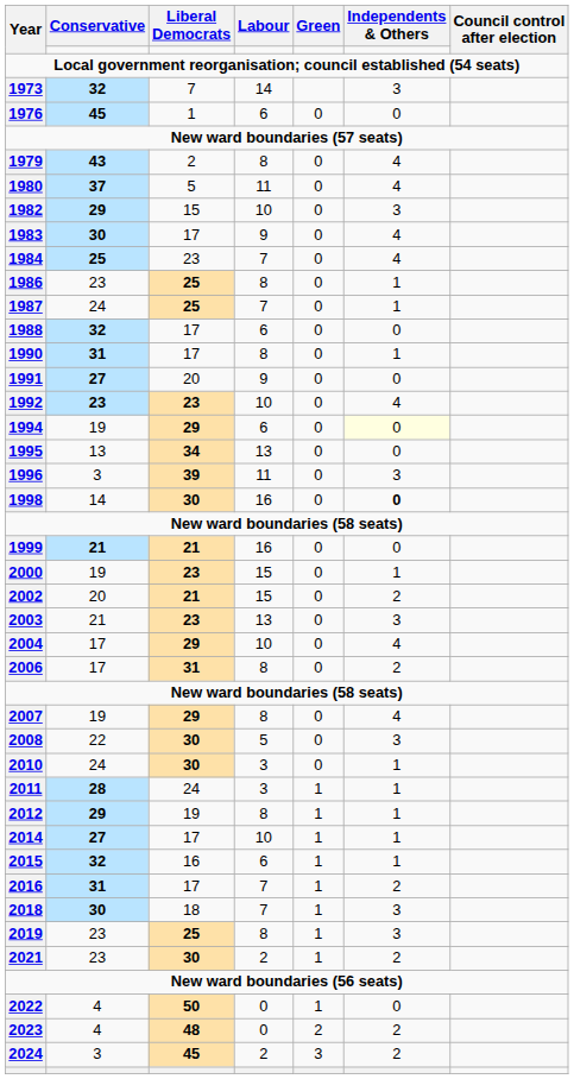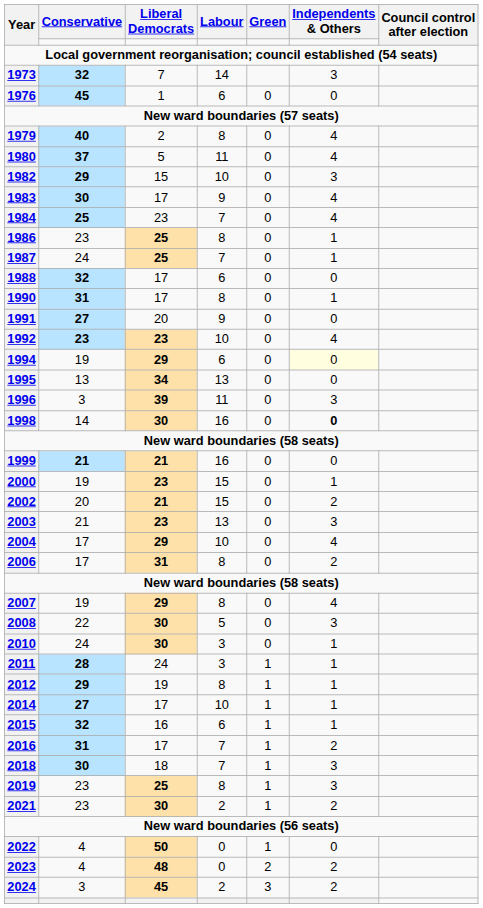 <table class="wikitable plainrowheaders" style="text-align:center">
 <tr>
 <th scope="col" rowspan="2">Year</th>
 <th scope="col"><a href='#'>Conservative</a></th>
 <th scope="col" style="width:1px"><a href='#'>Liberal Democrats</a></th>
 <th scope="col"><a href='#'>Labour</a></th>
 <th scope="col"><a href='#'>Green</a></th>
 <th scope="col"><a href='#'>Independents</a><br>& Others</th>
 <th scope="col" rowspan="2" colspan="2">Council control<br>after election</th>
 </tr>
 <tr>
 <td style="background:"></td>
 <td style="background:"></td>
 <td style="background:"></td>
 <td style="background:"></td>
 <td style="background:"></td>
 </tr>
 <tr>
 <td colspan="9"><strong>Local government reorganisation; council established (54 seats)</strong></td>
 </tr>
 <tr>
 <th scope="row"><a href='#'>1973</a></th>
 <td style="background:#B9E4FF;"><strong>32</strong></td>
 <td>7</td>
 <td>14</td>
 <td></td>
 <td>3</td>
 <td></td>
 </tr>
 <tr>
 <th scope="row"><a href='#'>1976</a></th>
 <td style="background:#B9E4FF;"><strong>45</strong></td>
 <td>1</td>
 <td>6</td>
 <td>0</td>
 <td>0</td>
 <td></td>
 </tr>
 <tr>
 <td colspan="9"><strong>New ward boundaries (57 seats)</strong></td>
 </tr>
 <tr>
 <th scope="row"><a href='#'>1979</a></th>
-<td style="background:#B9E4FF;"><strong>43</strong></td>
+<td style="background:#B9E4FF;"><strong>40</strong></td>
 <td>2</td>
 <td>8</td>
 <td>0</td>
 <td>4</td>
 <td></td>
 </tr>
 <tr>
 <th scope="row"><a href='#'>1980</a></th>
 <td style="background:#B9E4FF;"><strong>37</strong></td>
 <td>5</td>
 <td>11</td>
 <td>0</td>
 <td>4</td>
 <td></td>
 </tr>
 <tr>
 <th scope="row"><a href='#'>1982</a></th>
 <td style="background:#B9E4FF;"><strong>29</strong></td>
 <td>15</td>
 <td>10</td>
 <td>0</td>
 <td>3</td>
 <td></td>
 </tr>
 <tr>
 <th scope="row"><a href='#'>1983</a></th>
 <td style="background:#B9E4FF;"><strong>30</strong></td>
 <td>17</td>
 <td>9</td>
 <td>0</td>
 <td>4</td>
 <td></td>
 </tr>
 <tr>
 <th scope="row"><a href='#'>1984</a></th>
 <td style="background:#B9E4FF;"><strong>25</strong></td>
 <td>23</td>
 <td>7</td>
 <td>0</td>
 <td>4</td>
 <td></td>
 </tr>
 <tr>
 <th scope="row"><a href='#'>1986</a></th>
 <td>23</td>
 <td style="background:#FEE1A8"><strong>25</strong></td>
 <td>8</td>
 <td>0</td>
 <td>1</td>
 <td></td>
 </tr>
 <tr>
 <th scope="row"><a href='#'>1987</a></th>
 <td>24</td>
 <td style="background:#FEE1A8"><strong>25</strong></td>
 <td>7</td>
 <td>0</td>
 <td>1</td>
 <td></td>
 </tr>
 <tr>
 <th scope="row"><a href='#'>1988</a></th>
 <td style="background:#B9E4FF;"><strong>32</strong></td>
 <td>17</td>
 <td>6</td>
 <td>0</td>
 <td>0</td>
 <td></td>
 </tr>
 <tr>
 <th scope="row"><a href='#'>1990</a></th>
 <td style="background:#B9E4FF;"><strong>31</strong></td>
 <td>17</td>
 <td>8</td>
 <td>0</td>
 <td>1</td>
 <td></td>
 </tr>
 <tr>
 <th scope="row"><a href='#'>1991</a></th>
 <td style="background:#B9E4FF;"><strong>27</strong></td>
 <td>20</td>
 <td>9</td>
 <td>0</td>
 <td>0</td>
 <td></td>
 </tr>
 <tr>
 <th scope="row"><a href='#'>1992</a></th>
 <td style="background:#B9E4FF;"><strong>23</strong></td>
 <td style="background:#FEE1A8"><strong>23</strong></td>
 <td>10</td>
 <td>0</td>
 <td>4</td>
 <td></td>
 </tr>
 <tr>
 <th scope="row"><a href='#'>1994</a></th>
 <td>19</td>
 <td style="background:#FEE1A8"><strong>29</strong></td>
 <td>6</td>
 <td>0</td>
 <td style="background: lightyellow;">0</td>
 <td></td>
 </tr>
 <tr>
 <th scope="row"><a href='#'>1995</a></th>
 <td>13</td>
 <td style="background:#FEE1A8"><strong>34</strong></td>
 <td>13</td>
 <td>0</td>
 <td>0</td>
 <td></td>
 </tr>
 <tr>
 <th scope="row"><a href='#'>1996</a></th>
 <td>3</td>
 <td style="background:#FEE1A8"><strong>39</strong></td>
 <td>11</td>
 <td>0</td>
 <td>3</td>
 <td></td>
 </tr>
 <tr>
 <th scope="row"><a href='#'>1998</a></th>
 <td>14</td>
 <td style="background:#FEE1A8"><strong>30</strong></td>
 <td>16</td>
 <td>0</td>
 <td><strong>0</strong></td>
 <td></td>
 </tr>
 <tr>
 <td colspan="9"><strong>New ward boundaries (58 seats)</strong></td>
 </tr>
 <tr>
 <th scope="row"><a href='#'>1999</a></th>
 <td style="background:#B9E4FF;"><strong>21</strong></td>
 <td style="background:#FEE1A8"><strong>21</strong></td>
 <td>16</td>
 <td>0</td>
 <td>0</td>
 <td></td>
 </tr>
 <tr>
 <th scope="row"><a href='#'>2000</a></th>
 <td>19</td>
 <td style="background:#FEE1A8"><strong>23</strong></td>
 <td>15</td>
 <td>0</td>
 <td>1</td>
 <td></td>
 </tr>
 <tr>
 <th scope="row"><a href='#'>2002</a></th>
 <td>20</td>
 <td style="background:#FEE1A8"><strong>21</strong></td>
 <td>15</td>
 <td>0</td>
 <td>2</td>
 <td></td>
 </tr>
 <tr>
 <th scope="row"><a href='#'>2003</a></th>
 <td>21</td>
 <td style="background:#FEE1A8"><strong>23</strong></td>
 <td>13</td>
 <td>0</td>
 <td>3</td>
 <td></td>
 </tr>
 <tr>
 <th scope="row"><a href='#'>2004</a></th>
 <td>17</td>
 <td style="background:#FEE1A8"><strong>29</strong></td>
 <td>10</td>
 <td>0</td>
 <td>4</td>
 <td></td>
 </tr>
 <tr>
 <th scope="row"><a href='#'>2006</a></th>
 <td>17</td>
 <td style="background:#FEE1A8"><strong>31</strong></td>
 <td>8</td>
 <td>0</td>
 <td>2</td>
 <td></td>
 </tr>
 <tr>
 <td colspan="9"><strong>New ward boundaries (58 seats)</strong></td>
 </tr>
 <tr>
 <th scope="row"><a href='#'>2007</a></th>
 <td>19</td>
 <td style="background:#FEE1A8"><strong>29</strong></td>
 <td>8</td>
 <td>0</td>
 <td>4</td>
 <td></td>
 </tr>
 <tr>
 <th scope="row"><a href='#'>2008</a></th>
 <td>22</td>
 <td style="background:#FEE1A8"><strong>30</strong></td>
 <td>5</td>
 <td>0</td>
 <td>3</td>
 <td></td>
 </tr>
 <tr>
 <th scope="row"><a href='#'>2010</a></th>
 <td>24</td>
 <td style="background:#FEE1A8"><strong>30</strong></td>
 <td>3</td>
 <td>0</td>
 <td>1</td>
 <td></td>
 </tr>
 <tr>
 <th scope="row"><a href='#'>2011</a></th>
 <td style="background:#B9E4FF;"><strong>28</strong></td>
 <td>24</td>
 <td>3</td>
 <td>1</td>
 <td>1</td>
 <td></td>
 </tr>
 <tr>
 <th scope="row"><a href='#'>2012</a></th>
 <td style="background:#B9E4FF;"><strong>29</strong></td>
 <td>19</td>
 <td>8</td>
 <td>1</td>
 <td>1</td>
 <td></td>
 </tr>
 <tr>
 <th scope="row"><a href='#'>2014</a></th>
 <td style="background:#B9E4FF;"><strong>27</strong></td>
 <td>17</td>
 <td>10</td>
 <td>1</td>
 <td>1</td>
 <td></td>
 </tr>
 <tr>
 <th scope="row"><a href='#'>2015</a></th>
 <td style="background:#B9E4FF;"><strong>32</strong></td>
 <td>16</td>
 <td>6</td>
 <td>1</td>
 <td>1</td>
 <td></td>
 </tr>
 <tr>
 <th scope="row"><a href='#'>2016</a></th>
 <td style="background:#B9E4FF;"><strong>31</strong></td>
 <td>17</td>
 <td>7</td>
 <td>1</td>
 <td>2</td>
 <td></td>
 </tr>
 <tr>
 <th scope="row"><a href='#'>2018</a></th>
 <td style="background:#B9E4FF;"><strong>30</strong></td>
 <td>18</td>
 <td>7</td>
 <td>1</td>
 <td>3</td>
 <td></td>
 </tr>
 <tr>
 <th scope="row"><a href='#'>2019</a></th>
 <td>23</td>
 <td style="background:#FEE1A8"><strong>25</strong></td>
 <td>8</td>
 <td>1</td>
 <td>3</td>
 <td></td>
 </tr>
 <tr>
 <th scope="row"><a href='#'>2021</a></th>
 <td>23</td>
 <td style="background:#FEE1A8"><strong>30</strong></td>
 <td>2</td>
 <td>1</td>
 <td>2</td>
 <td></td>
 </tr>
 <tr>
 <td colspan="9"><strong>New ward boundaries (56 seats)</strong></td>
 </tr>
 <tr>
 <th scope="row"><a href='#'>2022</a></th>
 <td>4</td>
 <td style="background:#FEE1A8"><strong>50</strong></td>
 <td>0</td>
 <td>1</td>
 <td>0</td>
 <td></td>
 </tr>
 <tr>
 <th scope="row"><a href='#'>2023</a></th>
 <td>4</td>
 <td style="background:#FEE1A8"><strong>48</strong></td>
 <td>0</td>
 <td>2</td>
 <td>2</td>
 <td></td>
 </tr>
 <tr>
 <th scope="row"><a href='#'>2024</a></th>
 <td>3</td>
 <td style="background:#FEE1A8"><strong>45</strong></td>
 <td>2</td>
 <td>3</td>
 <td>2</td>
 <td></td>
 </tr>
 <tr>
 <th></th>
 <th style="background-color: "></th>
 <th style="background-color: "></th>
 <th style="background-color: "></th>
 <th style="background-color: "></th>
 <th style="background-color: "></th>
 </tr>
 </table>
